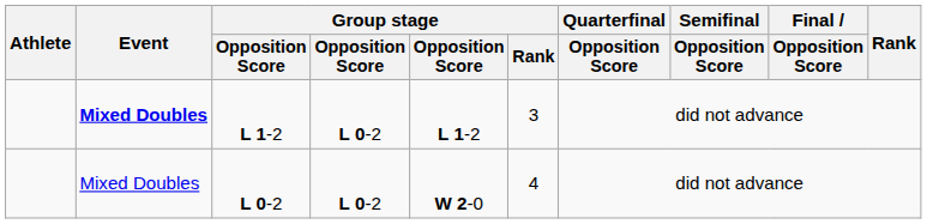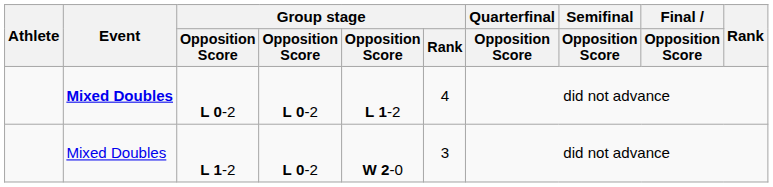 <table class="wikitable" style="font-size:90%">
 <tr>
 <th rowspan=2>Athlete</th>
 <th rowspan=2>Event</th>
 <th colspan=4>Group stage</th>
 <th>Quarterfinal</th>
 <th>Semifinal</th>
 <th>Final / </th>
 <th rowspan=2>Rank</th>
 </tr>
 <tr style="font-size:95%">
 <th>Opposition<br>Score</th>
 <th>Opposition<br>Score</th>
 <th>Opposition<br>Score</th>
 <th>Rank</th>
 <th>Opposition<br>Score</th>
 <th>Opposition<br>Score</th>
 <th>Opposition<br>Score</th>
 </tr>
 <tr align=center>
 <td align=left><br></td>
 <td align=left><strong><a href='#'>Mixed Doubles</a></strong></td>
-<td><small><br></small> <br> <strong>L</strong> <strong>1</strong>-2</td>
+<td><small><br></small> <br> <strong>L</strong> <strong>0</strong>-2</td>
 <td><small><br></small> <br> <strong>L</strong> <strong>0</strong>-2</td>
 <td><small><br></small> <br> <strong>L</strong> <strong>1</strong>-2</td>
-<td>3</td>
+<td>4</td>
 <td colspan=4>did not advance</td>
 </tr>
 <tr align=center>
 <td align=left><br></td>
 <td align=left><a href='#'>Mixed Doubles</a></td>
-<td><small><br></small> <br> <strong>L</strong> <strong>0</strong>-2</td>
+<td><small><br></small> <br> <strong>L</strong> <strong>1</strong>-2</td>
 <td><small><br></small> <br> <strong>L</strong> <strong>0</strong>-2</td>
 <td><small><br></small> <br> <strong>W</strong> <strong>2</strong>-0</td>
-<td>4</td>
+<td>3</td>
 <td colspan=4>did not advance</td>
 </tr>
 </table>
